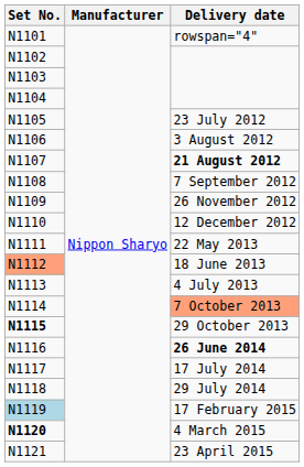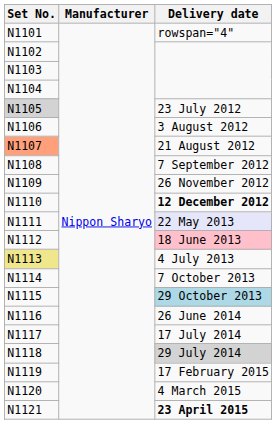 <table class="wikitable">
 <tr>
 <th>Set No.</th>
 <th>Manufacturer</th>
 <th>Delivery date</th>
 </tr>
 <tr>
 <td>N1101</td>
 <td rowspan="21"><a href='#'>Nippon Sharyo</a></td>
 <td>rowspan="4" </td>
 </tr>
 <tr>
 <td>N1102</td>
 </tr>
 <tr>
 <td>N1103</td>
 </tr>
 <tr>
 <td>N1104</td>
 </tr>
 <tr>
-<td>N1105</td>
+<td style="background: lightgrey;">N1105</td>
 <td>23 July 2012</td>
 </tr>
 <tr>
 <td>N1106</td>
 <td>3 August 2012</td>
 </tr>
 <tr>
-<td>N1107</td>
-<td><strong>21 August 2012</strong></td>
+<td style="background: lightsalmon;">N1107</td>
+<td>21 August 2012</td>
 </tr>
 <tr>
 <td>N1108</td>
 <td>7 September 2012</td>
 </tr>
 <tr>
 <td>N1109</td>
 <td>26 November 2012</td>
 </tr>
 <tr>
 <td>N1110</td>
-<td>12 December 2012</td>
+<td><strong>12 December 2012</strong></td>
 </tr>
 <tr>
 <td>N1111</td>
-<td>22 May 2013</td>
+<td style="background: lavender;">22 May 2013</td>
 </tr>
 <tr>
-<td style="background: lightsalmon;">N1112</td>
-<td>18 June 2013</td>
+<td>N1112</td>
+<td style="background: pink;">18 June 2013</td>
 </tr>
 <tr>
-<td>N1113</td>
+<td style="background: khaki;">N1113</td>
 <td>4 July 2013</td>
 </tr>
 <tr>
 <td>N1114</td>
-<td style="background: lightsalmon;">7 October 2013</td>
+<td>7 October 2013</td>
 </tr>
 <tr>
-<td><strong>N1115</strong></td>
-<td>29 October 2013</td>
+<td>N1115</td>
+<td style="background: lightblue;">29 October 2013</td>
 </tr>
 <tr>
 <td>N1116</td>
-<td><strong>26 June 2014</strong></td>
+<td>26 June 2014</td>
 </tr>
 <tr>
 <td>N1117</td>
 <td>17 July 2014</td>
 </tr>
 <tr>
 <td>N1118</td>
-<td>29 July 2014</td>
+<td style="background: lightgrey;">29 July 2014</td>
 </tr>
 <tr>
-<td style="background: lightblue;">N1119</td>
+<td>N1119</td>
 <td>17 February 2015</td>
 </tr>
 <tr>
-<td><strong>N1120</strong></td>
+<td>N1120</td>
 <td>4 March 2015</td>
 </tr>
 <tr>
 <td>N1121</td>
-<td>23 April 2015</td>
+<td><strong>23 April 2015</strong></td>
 </tr>
 </table>
